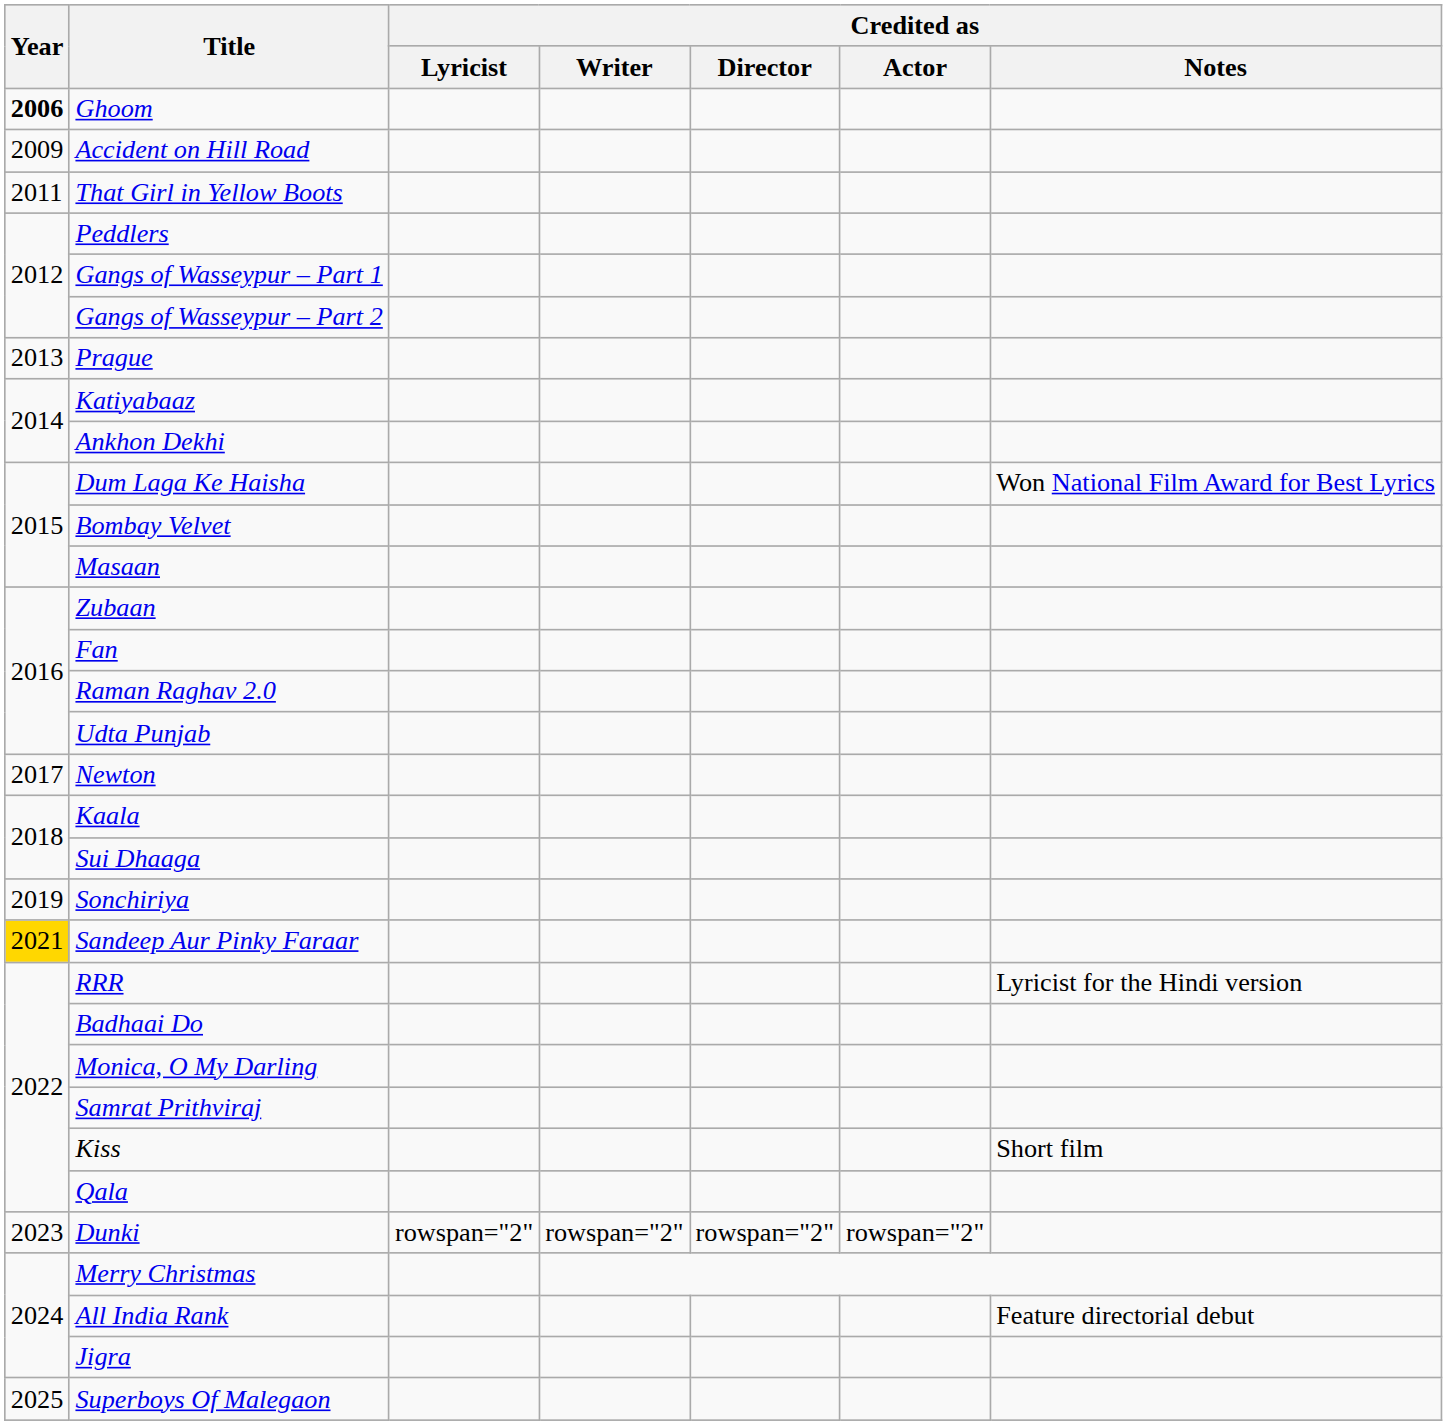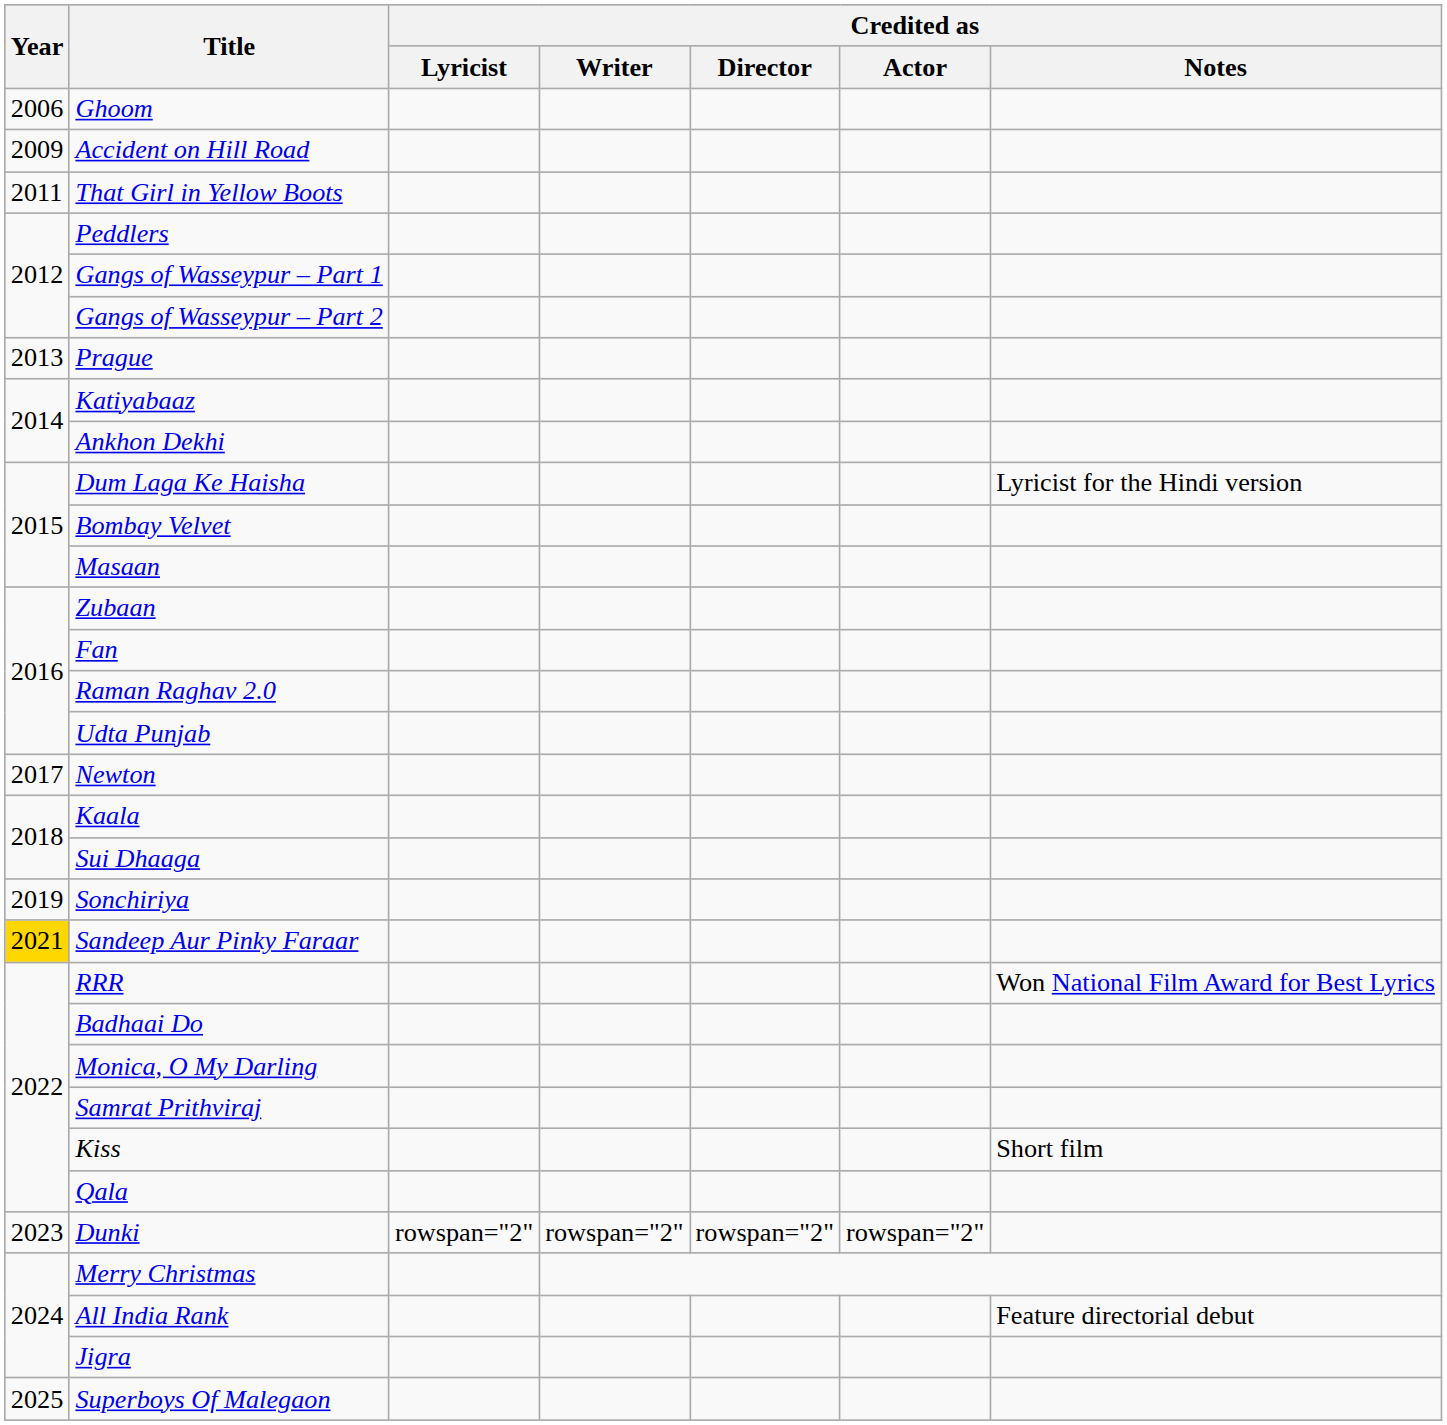 <table class="wikitable">
 <tr>
 <th rowspan="2">Year</th>
 <th rowspan="2">Title</th>
 <th colspan="5">Credited as</th>
 </tr>
 <tr>
 <th>Lyricist</th>
 <th>Writer</th>
 <th>Director</th>
 <th>Actor</th>
 <th>Notes</th>
 </tr>
 <tr>
-<td><strong>2006</strong></td>
+<td>2006</td>
 <td><em><a href='#'>Ghoom</a></em></td>
 <td></td>
 <td></td>
 <td></td>
 <td></td>
 <td></td>
 </tr>
 <tr>
 <td>2009</td>
 <td><em><a href='#'>Accident on Hill Road</a></em></td>
 <td></td>
 <td></td>
 <td></td>
 <td></td>
 <td></td>
 </tr>
 <tr>
 <td>2011</td>
 <td><em><a href='#'>That Girl in Yellow Boots</a></em></td>
 <td></td>
 <td></td>
 <td></td>
 <td></td>
 <td></td>
 </tr>
 <tr>
 <td rowspan="3">2012</td>
 <td><em><a href='#'>Peddlers</a></em></td>
 <td></td>
 <td></td>
 <td></td>
 <td></td>
 <td></td>
 </tr>
 <tr>
 <td><em><a href='#'>Gangs of Wasseypur – Part 1</a></em></td>
 <td></td>
 <td></td>
 <td></td>
 <td></td>
 <td></td>
 </tr>
 <tr>
 <td><em><a href='#'>Gangs of Wasseypur – Part 2</a></em></td>
 <td></td>
 <td></td>
 <td></td>
 <td></td>
 <td></td>
 </tr>
 <tr>
 <td>2013</td>
 <td><em><a href='#'>Prague</a></em></td>
 <td></td>
 <td></td>
 <td></td>
 <td></td>
 <td></td>
 </tr>
 <tr>
 <td rowspan="2">2014</td>
 <td><em><a href='#'>Katiyabaaz</a></em></td>
 <td></td>
 <td></td>
 <td></td>
 <td></td>
 <td></td>
 </tr>
 <tr>
 <td><em><a href='#'>Ankhon Dekhi</a></em></td>
 <td></td>
 <td></td>
 <td></td>
 <td></td>
 <td></td>
 </tr>
 <tr>
 <td rowspan="3">2015</td>
 <td><em><a href='#'>Dum Laga Ke Haisha</a></em></td>
 <td></td>
 <td></td>
 <td></td>
 <td></td>
-<td>Won <a href='#'>National Film Award for Best Lyrics</a></td>
+<td>Lyricist for the Hindi version</td>
 </tr>
 <tr>
 <td><em><a href='#'>Bombay Velvet</a></em> </td>
 <td></td>
 <td></td>
 <td></td>
 <td></td>
 <td></td>
 </tr>
 <tr>
 <td><em><a href='#'>Masaan</a></em> </td>
 <td></td>
 <td></td>
 <td></td>
 <td></td>
 <td></td>
 </tr>
 <tr>
 <td rowspan="4">2016</td>
 <td><em><a href='#'>Zubaan</a></em></td>
 <td></td>
 <td></td>
 <td></td>
 <td></td>
 <td></td>
 </tr>
 <tr>
 <td><em><a href='#'>Fan</a></em></td>
 <td></td>
 <td></td>
 <td></td>
 <td></td>
 <td></td>
 </tr>
 <tr>
 <td><em><a href='#'>Raman Raghav 2.0</a></em></td>
 <td></td>
 <td></td>
 <td></td>
 <td></td>
 <td></td>
 </tr>
 <tr>
 <td><em><a href='#'>Udta Punjab</a></em></td>
 <td></td>
 <td></td>
 <td></td>
 <td></td>
 <td></td>
 </tr>
 <tr>
 <td>2017</td>
 <td><em><a href='#'>Newton</a></em></td>
 <td></td>
 <td></td>
 <td></td>
 <td></td>
 <td></td>
 </tr>
 <tr>
 <td rowspan="2">2018</td>
 <td><em><a href='#'>Kaala</a></em></td>
 <td></td>
 <td></td>
 <td></td>
 <td></td>
 <td></td>
 </tr>
 <tr>
 <td><em><a href='#'>Sui Dhaaga</a></em></td>
 <td></td>
 <td></td>
 <td></td>
 <td></td>
 <td></td>
 </tr>
 <tr>
 <td>2019</td>
 <td><em><a href='#'>Sonchiriya</a></em></td>
 <td></td>
 <td></td>
 <td></td>
 <td></td>
 <td></td>
 </tr>
 <tr>
 <td style="background: gold;">2021</td>
 <td><em><a href='#'>Sandeep Aur Pinky Faraar</a></em></td>
 <td></td>
 <td></td>
 <td></td>
 <td></td>
 <td></td>
 </tr>
 <tr>
 <td rowspan="6">2022</td>
 <td><em><a href='#'>RRR</a></em></td>
 <td></td>
 <td></td>
 <td></td>
 <td></td>
-<td>Lyricist for the Hindi version</td>
+<td>Won <a href='#'>National Film Award for Best Lyrics</a></td>
 </tr>
 <tr>
 <td><em><a href='#'>Badhaai Do</a></em></td>
 <td></td>
 <td></td>
 <td></td>
 <td></td>
 <td></td>
 </tr>
 <tr>
 <td><em><a href='#'>Monica, O My Darling</a></em></td>
 <td></td>
 <td></td>
 <td></td>
 <td></td>
 <td></td>
 </tr>
 <tr>
 <td><em><a href='#'>Samrat Prithviraj</a></em></td>
 <td></td>
 <td></td>
 <td></td>
 <td></td>
 <td></td>
 </tr>
 <tr>
 <td><em>Kiss</em></td>
 <td></td>
 <td></td>
 <td></td>
 <td></td>
 <td>Short film</td>
 </tr>
 <tr>
 <td><em><a href='#'>Qala</a></em></td>
 <td></td>
 <td></td>
 <td></td>
 <td></td>
 <td></td>
 </tr>
 <tr>
 <td>2023</td>
 <td><em><a href='#'>Dunki</a></em></td>
 <td>rowspan="2" </td>
 <td>rowspan="2" </td>
 <td>rowspan="2" </td>
 <td>rowspan="2" </td>
 <td></td>
 </tr>
 <tr>
 <td rowspan="3">2024</td>
 <td><em><a href='#'>Merry Christmas</a></em></td>
 <td></td>
 </tr>
 <tr>
 <td><em><a href='#'>All India Rank</a></em></td>
 <td></td>
 <td></td>
 <td></td>
 <td></td>
 <td>Feature directorial debut</td>
 </tr>
 <tr>
 <td><em><a href='#'>Jigra</a></em></td>
 <td></td>
 <td></td>
 <td></td>
 <td></td>
 <td></td>
 </tr>
 <tr>
 <td>2025</td>
 <td><a href='#'><em>Superboys Of Malegaon</em></a></td>
 <td></td>
 <td></td>
 <td></td>
 <td></td>
 <td></td>
 </tr>
 </table>
